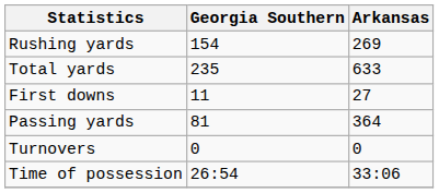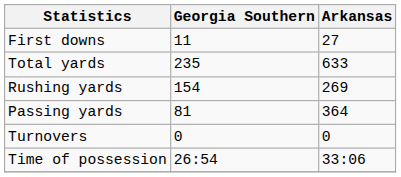 <table class="wikitable">
 <tr>
 <th>Statistics</th>
 <th>Georgia Southern</th>
 <th>Arkansas</th>
 </tr>
 <tr>
-<td>Rushing yards</td>
-<td>154</td>
-<td>269</td>
+<td>First downs</td>
+<td>11</td>
+<td>27</td>
 </tr>
 <tr>
 <td>Total yards</td>
 <td>235</td>
 <td>633</td>
 </tr>
 <tr>
-<td>First downs</td>
-<td>11</td>
-<td>27</td>
+<td>Rushing yards</td>
+<td>154</td>
+<td>269</td>
 </tr>
 <tr>
 <td>Passing yards</td>
 <td>81</td>
 <td>364</td>
 </tr>
 <tr>
 <td>Turnovers</td>
 <td>0</td>
 <td>0</td>
 </tr>
 <tr>
 <td>Time of possession</td>
 <td>26:54</td>
 <td>33:06</td>
 </tr>
 <tr>
 </tr>
 </table>
